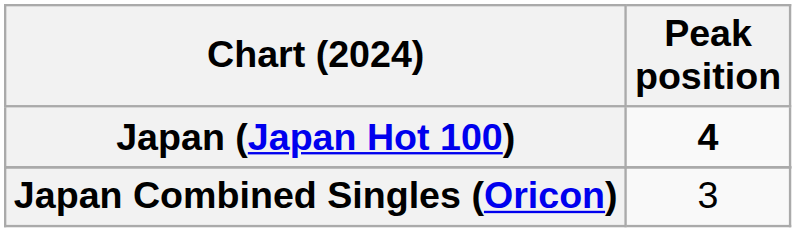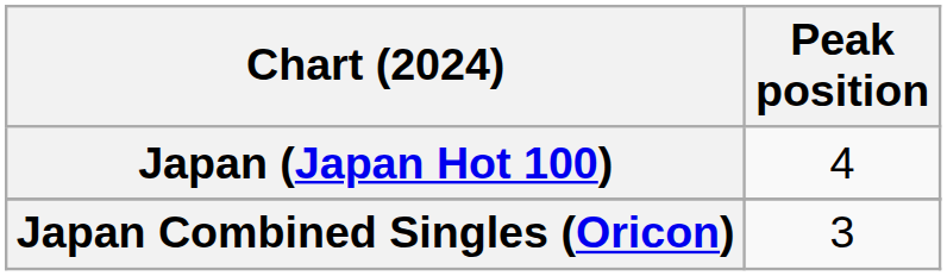 <table class="wikitable sortable plainrowheaders" style="text-align:center">
 <tr>
 <th scope="col">Chart (2024)</th>
 <th scope="col">Peak<br>position</th>
 </tr>
 <tr>
 <th scope="row">Japan (<a href='#'>Japan Hot 100</a>)</th>
-<td><strong>4</strong></td>
+<td>4</td>
 </tr>
 <tr>
 </tr>
 <tr>
 <th scope="row">Japan Combined Singles (<a href='#'>Oricon</a>)</th>
 <td>3</td>
 </tr>
 </table>
